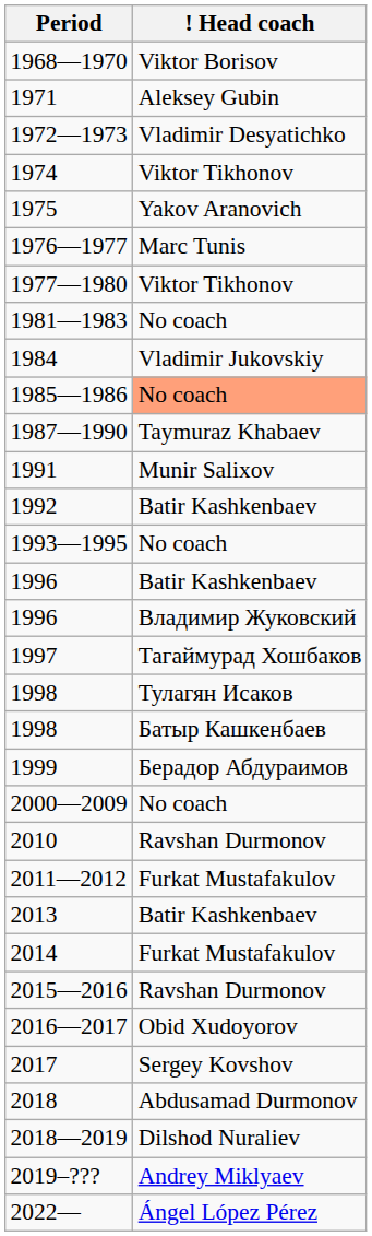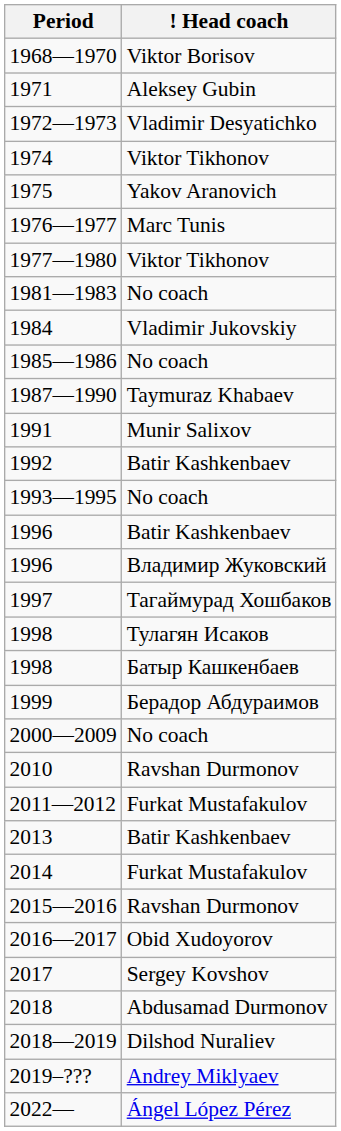 <table class="wikitable">
 <tr>
 <th>Period</th>
 <th>! Head coach</th>
 </tr>
 <tr>
 <td>1968—1970</td>
 <td> Viktor Borisov</td>
 </tr>
 <tr>
 <td>1971</td>
 <td> Aleksey Gubin</td>
 </tr>
 <tr>
 <td>1972—1973</td>
 <td> Vladimir Desyatichko</td>
 </tr>
 <tr>
 <td>1974</td>
 <td> Viktor Tikhonov</td>
 </tr>
 <tr>
 <td>1975</td>
 <td> Yakov Aranovich</td>
 </tr>
 <tr>
 <td>1976—1977</td>
 <td> Marc Tunis</td>
 </tr>
 <tr>
 <td>1977—1980</td>
 <td> Viktor Tikhonov</td>
 </tr>
 <tr>
 <td>1981—1983</td>
 <td>No coach</td>
 </tr>
 <tr>
 <td>1984</td>
 <td> Vladimir Jukovskiy</td>
 </tr>
 <tr>
 <td>1985—1986</td>
-<td style="background: lightsalmon;">No coach</td>
+<td>No coach</td>
 </tr>
 <tr>
 <td>1987—1990</td>
 <td> Taymuraz Khabaev</td>
 </tr>
 <tr>
 <td>1991</td>
 <td> Munir Salixov</td>
 </tr>
 <tr>
 <td>1992</td>
 <td> Batir Kashkenbaev</td>
 </tr>
 <tr>
 <td>1993—1995</td>
 <td>No coach</td>
 </tr>
 <tr>
 <td>1996</td>
 <td> Batir Kashkenbaev</td>
 </tr>
 <tr>
 <td>1996</td>
 <td> Владимир Жуковский</td>
 </tr>
 <tr>
 <td>1997</td>
 <td> Тагаймурад Хошбаков</td>
 </tr>
 <tr>
 <td>1998</td>
 <td> Тулагян Исаков</td>
 </tr>
 <tr>
 <td>1998</td>
 <td> Батыр Кашкенбаев</td>
 </tr>
 <tr>
 <td>1999</td>
 <td> Берадор Абдураимов</td>
 </tr>
 <tr>
 <td>2000—2009</td>
 <td>No coach</td>
 </tr>
 <tr>
 <td>2010</td>
 <td> Ravshan Durmonov</td>
 </tr>
 <tr>
 <td>2011—2012</td>
 <td> Furkat Mustafakulov</td>
 </tr>
 <tr>
 <td>2013</td>
 <td> Batir Kashkenbaev</td>
 </tr>
 <tr>
 <td>2014</td>
 <td> Furkat Mustafakulov</td>
 </tr>
 <tr>
 <td>2015—2016</td>
 <td> Ravshan Durmonov</td>
 </tr>
 <tr>
 <td>2016—2017</td>
 <td> Obid Xudoyorov</td>
 </tr>
 <tr>
 <td>2017</td>
 <td> Sergey Kovshov</td>
 </tr>
 <tr>
 <td>2018</td>
 <td> Abdusamad Durmonov</td>
 </tr>
 <tr>
 <td>2018—2019</td>
 <td> Dilshod Nuraliev</td>
 </tr>
 <tr>
 <td>2019–???</td>
 <td> <a href='#'>Andrey Miklyaev</a></td>
 </tr>
 <tr>
 <td>2022—</td>
 <td> <a href='#'>Ángel López Pérez</a></td>
 </tr>
 </table>
